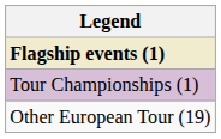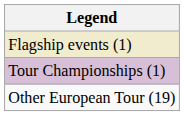 <table class="wikitable" style="font-size:95%;">
 <tr>
 <th>Legend</th>
 </tr>
 <tr style="background:#f2ecce;">
-<td><strong>Flagship events (1)</strong></td>
+<td>Flagship events (1)</td>
 </tr>
 <tr style="background:thistle">
 <td>Tour Championships (1)</td>
 </tr>
 <tr>
 <td>Other European Tour (19)</td>
 </tr>
 </table>
